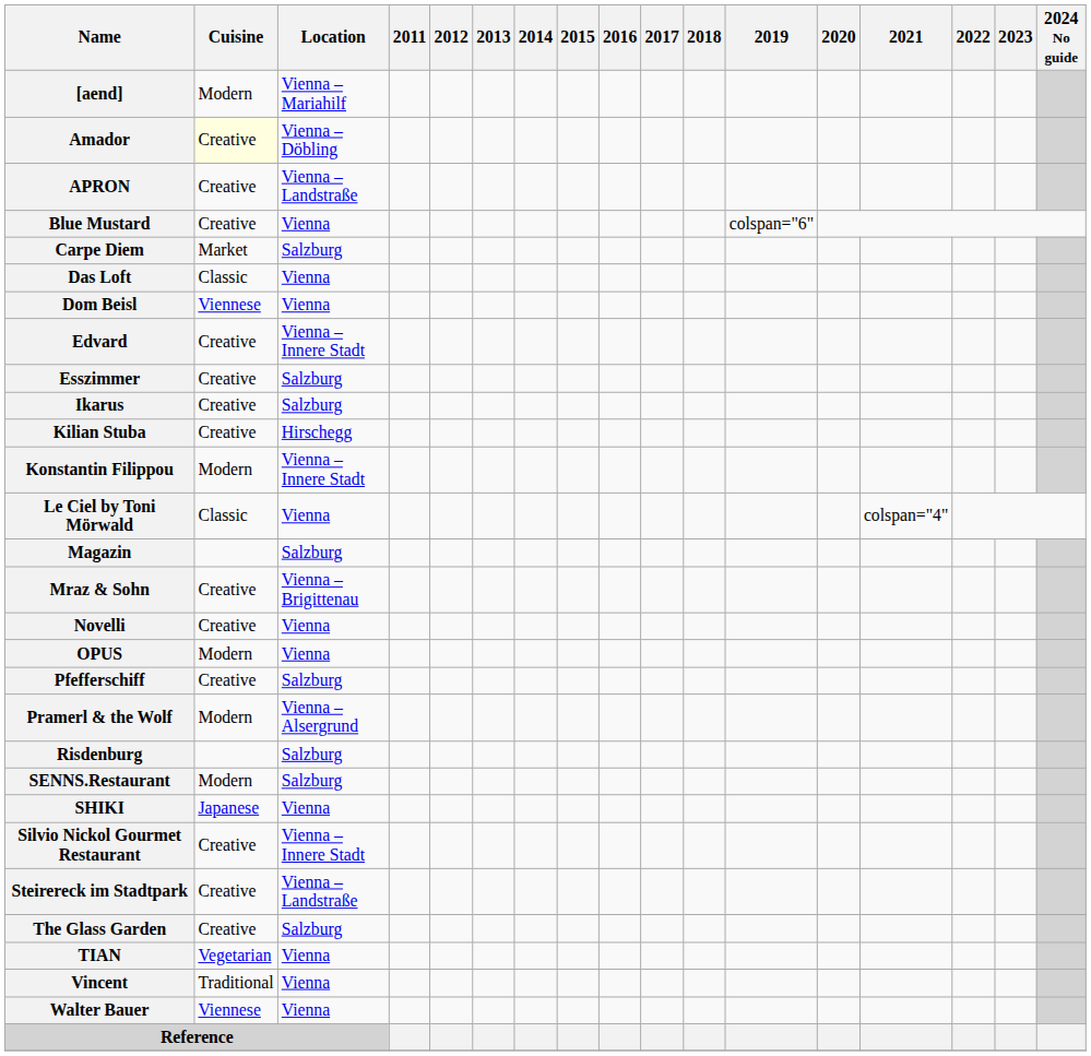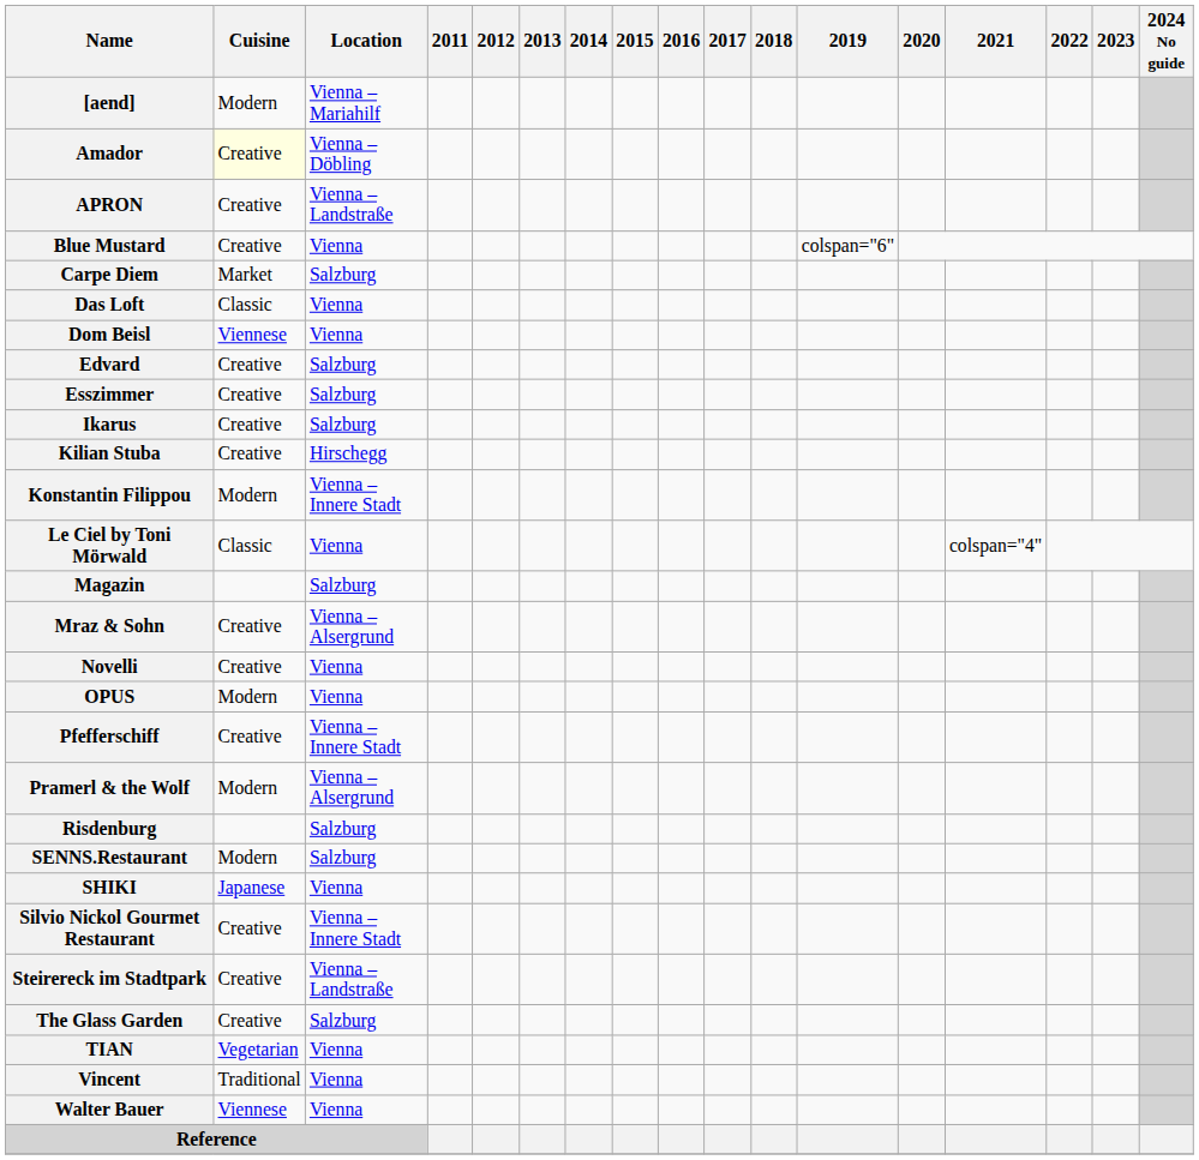 <table class="wikitable sortable plainrowheaders" style="width:80%;">
 <tr>
 <th scope="col">Name</th>
 <th scope="col">Cuisine</th>
 <th scope="col">Location</th>
 <th scope="col">2011</th>
 <th scope="col">2012</th>
 <th scope="col">2013</th>
 <th scope="col">2014</th>
 <th scope="col">2015</th>
 <th scope="col">2016</th>
 <th scope="col">2017</th>
 <th scope="col">2018</th>
 <th scope="col">2019</th>
 <th scope="col">2020</th>
 <th scope="col">2021</th>
 <th scope="col">2022</th>
 <th scope="col">2023</th>
 <th scope="col">2024<br><small> No guide</small></th>
 </tr>
 <tr>
 <th scope="row">[aend]</th>
 <td>Modern</td>
 <td><a href='#'>Vienna – Mariahilf</a></td>
 <td></td>
 <td></td>
 <td></td>
 <td></td>
 <td></td>
 <td></td>
 <td></td>
 <td></td>
 <td></td>
 <td></td>
 <td></td>
 <td></td>
 <td></td>
 <td colspan="1" style="background:lightgray"></td>
 </tr>
 <tr>
 <th scope="row">Amador</th>
 <td style="background: lightyellow;">Creative</td>
 <td><a href='#'>Vienna – Döbling</a></td>
 <td></td>
 <td></td>
 <td></td>
 <td></td>
 <td></td>
 <td></td>
 <td></td>
 <td></td>
 <td></td>
 <td></td>
 <td></td>
 <td></td>
 <td></td>
 <td colspan="1" style="background:lightgray"></td>
 </tr>
 <tr>
 <th scope="row">APRON</th>
 <td>Creative</td>
 <td><a href='#'>Vienna – Landstraße</a></td>
 <td></td>
 <td></td>
 <td></td>
 <td></td>
 <td></td>
 <td></td>
 <td></td>
 <td></td>
 <td></td>
 <td></td>
 <td></td>
 <td></td>
 <td></td>
 <td colspan="1" style="background:lightgray"></td>
 </tr>
 <tr>
 <th scope="row">Blue Mustard</th>
 <td>Creative</td>
 <td><a href='#'>Vienna</a></td>
 <td></td>
 <td></td>
 <td></td>
 <td></td>
 <td></td>
 <td></td>
 <td></td>
 <td></td>
 <td>colspan="6" </td>
 </tr>
 <tr>
 <th scope="row">Carpe Diem</th>
 <td>Market</td>
 <td><a href='#'>Salzburg</a></td>
 <td></td>
 <td></td>
 <td></td>
 <td></td>
 <td></td>
 <td></td>
 <td></td>
 <td></td>
 <td></td>
 <td></td>
 <td></td>
 <td></td>
 <td></td>
 <td colspan="1" style="background:lightgray"></td>
 </tr>
 <tr>
 <th scope="row">Das Loft</th>
 <td>Classic</td>
 <td><a href='#'>Vienna</a></td>
 <td></td>
 <td></td>
 <td></td>
 <td></td>
 <td></td>
 <td></td>
 <td></td>
 <td></td>
 <td></td>
 <td></td>
 <td></td>
 <td></td>
 <td></td>
 <td colspan="1" style="background:lightgray"></td>
 </tr>
 <tr>
 <th scope="row">Dom Beisl</th>
 <td><a href='#'>Viennese</a></td>
 <td><a href='#'>Vienna</a></td>
 <td></td>
 <td></td>
 <td></td>
 <td></td>
 <td></td>
 <td></td>
 <td></td>
 <td></td>
 <td></td>
 <td></td>
 <td></td>
 <td></td>
 <td></td>
 <td colspan="1" style="background:lightgray"></td>
 </tr>
 <tr>
 <th scope="row">Edvard</th>
 <td>Creative</td>
-<td><a href='#'>Vienna – Innere Stadt</a></td>
+<td><a href='#'>Salzburg</a></td>
 <td></td>
 <td></td>
 <td></td>
 <td></td>
 <td></td>
 <td></td>
 <td></td>
 <td></td>
 <td></td>
 <td></td>
 <td></td>
 <td></td>
 <td></td>
 <td colspan="1" style="background:lightgray"></td>
 </tr>
 <tr>
 <th scope="row">Esszimmer</th>
 <td>Creative</td>
 <td><a href='#'>Salzburg</a></td>
 <td></td>
 <td></td>
 <td></td>
 <td></td>
 <td></td>
 <td></td>
 <td></td>
 <td></td>
 <td></td>
 <td></td>
 <td></td>
 <td></td>
 <td></td>
 <td colspan="1" style="background:lightgray"></td>
 </tr>
 <tr>
 <th scope="row">Ikarus</th>
 <td>Creative</td>
 <td><a href='#'>Salzburg</a></td>
 <td></td>
 <td></td>
 <td></td>
 <td></td>
 <td></td>
 <td></td>
 <td></td>
 <td></td>
 <td></td>
 <td></td>
 <td></td>
 <td></td>
 <td></td>
 <td colspan="1" style="background:lightgray"></td>
 </tr>
 <tr>
 <th scope="row">Kilian Stuba</th>
 <td>Creative</td>
 <td><a href='#'>Hirschegg</a></td>
 <td></td>
 <td></td>
 <td></td>
 <td></td>
 <td></td>
 <td></td>
 <td></td>
 <td></td>
 <td></td>
 <td></td>
 <td></td>
 <td></td>
 <td></td>
 <td colspan="1" style="background:lightgray"></td>
 </tr>
 <tr>
 <th scope="row">Konstantin Filippou</th>
 <td>Modern</td>
 <td><a href='#'>Vienna – Innere Stadt</a></td>
 <td></td>
 <td></td>
 <td></td>
 <td></td>
 <td></td>
 <td></td>
 <td></td>
 <td></td>
 <td></td>
 <td></td>
 <td></td>
 <td></td>
 <td></td>
 <td colspan="1" style="background:lightgray"></td>
 </tr>
 <tr>
 <th scope="row">Le Ciel by Toni Mörwald</th>
 <td>Classic</td>
 <td><a href='#'>Vienna</a></td>
 <td></td>
 <td></td>
 <td></td>
 <td></td>
 <td></td>
 <td></td>
 <td></td>
 <td></td>
 <td></td>
 <td></td>
 <td>colspan="4" </td>
 </tr>
 <tr>
 <th scope="row">Magazin</th>
 <td></td>
 <td><a href='#'>Salzburg</a></td>
 <td></td>
 <td></td>
 <td></td>
 <td></td>
 <td></td>
 <td></td>
 <td></td>
 <td></td>
 <td></td>
 <td></td>
 <td></td>
 <td></td>
 <td></td>
 <td colspan="1" style="background:lightgray"></td>
 </tr>
 <tr>
 <th scope="row">Mraz & Sohn</th>
 <td>Creative</td>
-<td><a href='#'>Vienna – Brigittenau</a></td>
+<td><a href='#'>Vienna – Alsergrund</a></td>
 <td></td>
 <td></td>
 <td></td>
 <td></td>
 <td></td>
 <td></td>
 <td></td>
 <td></td>
 <td></td>
 <td></td>
 <td></td>
 <td></td>
 <td></td>
 <td colspan="1" style="background:lightgray"></td>
 </tr>
 <tr>
 <th scope="row">Novelli</th>
 <td>Creative</td>
 <td><a href='#'>Vienna</a></td>
 <td></td>
 <td></td>
 <td></td>
 <td></td>
 <td></td>
 <td></td>
 <td></td>
 <td></td>
 <td></td>
 <td></td>
 <td></td>
 <td></td>
 <td></td>
 <td colspan="1" style="background:lightgray"></td>
 </tr>
 <tr>
 <th scope="row">OPUS</th>
 <td>Modern</td>
 <td><a href='#'>Vienna</a></td>
 <td></td>
 <td></td>
 <td></td>
 <td></td>
 <td></td>
 <td></td>
 <td></td>
 <td></td>
 <td></td>
 <td></td>
 <td></td>
 <td></td>
 <td></td>
 <td colspan="1" style="background:lightgray"></td>
 </tr>
 <tr>
 <th scope="row">Pfefferschiff</th>
 <td>Creative</td>
-<td><a href='#'>Salzburg</a></td>
+<td><a href='#'>Vienna – Innere Stadt</a></td>
 <td></td>
 <td></td>
 <td></td>
 <td></td>
 <td></td>
 <td></td>
 <td></td>
 <td></td>
 <td></td>
 <td></td>
 <td></td>
 <td></td>
 <td></td>
 <td colspan="1" style="background:lightgray"></td>
 </tr>
 <tr>
 <th scope="row">Pramerl & the Wolf</th>
 <td>Modern</td>
 <td><a href='#'>Vienna – Alsergrund</a></td>
 <td></td>
 <td></td>
 <td></td>
 <td></td>
 <td></td>
 <td></td>
 <td></td>
 <td></td>
 <td></td>
 <td></td>
 <td></td>
 <td></td>
 <td></td>
 <td colspan="1" style="background:lightgray"></td>
 </tr>
 <tr>
 <th scope="row">Risdenburg</th>
 <td></td>
 <td><a href='#'>Salzburg</a></td>
 <td></td>
 <td></td>
 <td></td>
 <td></td>
 <td></td>
 <td></td>
 <td></td>
 <td></td>
 <td></td>
 <td></td>
 <td></td>
 <td></td>
 <td></td>
 <td colspan="1" style="background:lightgray"></td>
 </tr>
 <tr>
 <th scope="row">SENNS.Restaurant</th>
 <td>Modern</td>
 <td><a href='#'>Salzburg</a></td>
 <td></td>
 <td></td>
 <td></td>
 <td></td>
 <td></td>
 <td></td>
 <td></td>
 <td></td>
 <td></td>
 <td></td>
 <td></td>
 <td></td>
 <td></td>
 <td colspan="1" style="background:lightgray"></td>
 </tr>
 <tr>
 <th scope="row">SHIKI</th>
 <td><a href='#'>Japanese</a></td>
 <td><a href='#'>Vienna</a></td>
 <td></td>
 <td></td>
 <td></td>
 <td></td>
 <td></td>
 <td></td>
 <td></td>
 <td></td>
 <td></td>
 <td></td>
 <td></td>
 <td></td>
 <td></td>
 <td colspan="1" style="background:lightgray"></td>
 </tr>
 <tr>
 <th scope="row">Silvio Nickol Gourmet Restaurant</th>
 <td>Creative</td>
 <td><a href='#'>Vienna – Innere Stadt</a></td>
 <td></td>
 <td></td>
 <td></td>
 <td></td>
 <td></td>
 <td></td>
 <td></td>
 <td></td>
 <td></td>
 <td></td>
 <td></td>
 <td></td>
 <td></td>
 <td colspan="1" style="background:lightgray"></td>
 </tr>
 <tr>
 <th scope="row">Steirereck im Stadtpark</th>
 <td>Creative</td>
 <td><a href='#'>Vienna – Landstraße</a></td>
 <td></td>
 <td></td>
 <td></td>
 <td></td>
 <td></td>
 <td></td>
 <td></td>
 <td></td>
 <td></td>
 <td></td>
 <td></td>
 <td></td>
 <td></td>
 <td colspan="1" style="background:lightgray"></td>
 </tr>
 <tr>
 <th scope="row">The Glass Garden</th>
 <td>Creative</td>
 <td><a href='#'>Salzburg</a></td>
 <td></td>
 <td></td>
 <td></td>
 <td></td>
 <td></td>
 <td></td>
 <td></td>
 <td></td>
 <td></td>
 <td></td>
 <td></td>
 <td></td>
 <td></td>
 <td colspan="1" style="background:lightgray"></td>
 </tr>
 <tr>
 <th scope="row">TIAN</th>
 <td><a href='#'>Vegetarian</a></td>
 <td><a href='#'>Vienna</a></td>
 <td></td>
 <td></td>
 <td></td>
 <td></td>
 <td></td>
 <td></td>
 <td></td>
 <td></td>
 <td></td>
 <td></td>
 <td></td>
 <td></td>
 <td></td>
 <td colspan="1" style="background:lightgray"></td>
 </tr>
 <tr>
 <th scope="row">Vincent</th>
 <td>Traditional</td>
 <td><a href='#'>Vienna</a></td>
 <td></td>
 <td></td>
 <td></td>
 <td></td>
 <td></td>
 <td></td>
 <td></td>
 <td></td>
 <td></td>
 <td></td>
 <td></td>
 <td></td>
 <td></td>
 <td colspan="1" style="background:lightgray"></td>
 </tr>
 <tr>
 <th scope="row">Walter Bauer</th>
 <td><a href='#'>Viennese</a></td>
 <td><a href='#'>Vienna</a></td>
 <td></td>
 <td></td>
 <td></td>
 <td></td>
 <td></td>
 <td></td>
 <td></td>
 <td></td>
 <td></td>
 <td></td>
 <td></td>
 <td></td>
 <td></td>
 <td colspan="1" style="background:lightgray"></td>
 </tr>
 <tr>
 <th colspan="3" style="text-align: center;background: lightgray;">Reference</th>
 <th></th>
 <th></th>
 <th></th>
 <th></th>
 <th></th>
 <th></th>
 <th></th>
 <th></th>
 <th></th>
 <th></th>
 <th></th>
 <th></th>
 <th></th>
 <th></th>
 </tr>
 <tr>
 </tr>
 </table>
